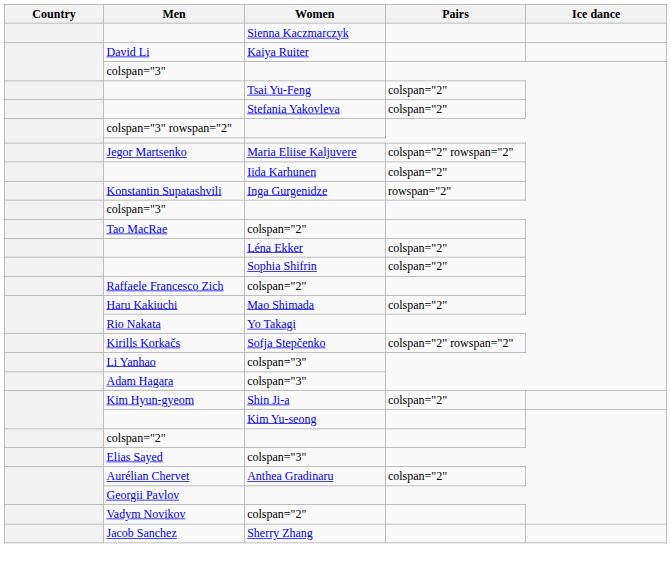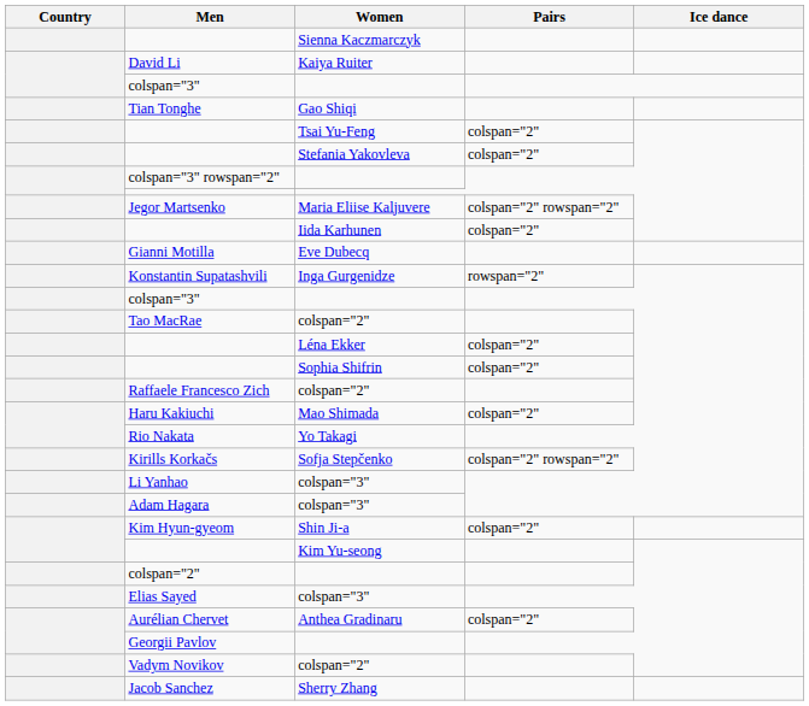 <table class="wikitable unsortable" style="text-align:left; width:100%">
 <tr>
 <th scope="col" style="width:15%">Country</th>
 <th scope="col" style="width:21.25%">Men</th>
 <th scope="col" style="width:21.25%">Women</th>
 <th scope="col" style="width:21.25%">Pairs</th>
 <th scope="col" style="width:21.25%">Ice dance</th>
 </tr>
 <tr>
 <th scope="row" style="text-align:left"></th>
 <td></td>
 <td><a href='#'>Sienna Kaczmarczyk</a></td>
 <td></td>
 <td></td>
 </tr>
 <tr>
 <th rowspan="2" scope="row" style="text-align:left"></th>
 <td><a href='#'>David Li</a></td>
 <td><a href='#'>Kaiya Ruiter</a></td>
 <td></td>
 <td></td>
 </tr>
 <tr>
 <td>colspan="3" </td>
+<td></td>
+</tr>
+<tr>
+<th scope="row" style="text-align:left"></th>
+<td><a href='#'>Tian Tonghe</a></td>
+<td><a href='#'>Gao Shiqi</a></td>
+<td></td>
 <td></td>
 </tr>
 <tr>
 <th scope="row" style="text-align:left"></th>
 <td></td>
 <td><a href='#'>Tsai Yu-Feng</a></td>
 <td>colspan="2" </td>
 </tr>
 <tr>
 <th scope="row" style="text-align:left"></th>
 <td></td>
 <td><a href='#'>Stefania Yakovleva</a></td>
 <td>colspan="2" </td>
 </tr>
 <tr>
 <th rowspan="2" scope="row" style="text-align:left"></th>
 <td>colspan="3" rowspan="2" </td>
 <td></td>
 </tr>
 <tr>
 <td></td>
 </tr>
 <tr>
 <th scope="row" style="text-align:left"></th>
 <td><a href='#'>Jegor Martsenko</a></td>
 <td><a href='#'>Maria Eliise Kaljuvere</a></td>
 <td>colspan="2" rowspan="2" </td>
 </tr>
 <tr>
 <th scope="row" style="text-align:left"></th>
 <td></td>
 <td><a href='#'>Iida Karhunen</a></td>
 <td>colspan="2" </td>
+</tr>
+<tr>
+<th scope="row" style="text-align:left"></th>
+<td><a href='#'>Gianni Motilla</a></td>
+<td><a href='#'>Eve Dubecq</a></td>
+<td></td>
+<td></td>
 </tr>
 <tr>
 <th scope="row" style="text-align:left"></th>
 <td><a href='#'>Konstantin Supatashvili</a></td>
 <td><a href='#'>Inga Gurgenidze</a></td>
 <td>rowspan="2" </td>
 </tr>
 <tr>
 <th scope="row" style="text-align:left"></th>
 <td>colspan="3" </td>
 <td></td>
 </tr>
 <tr>
 <th scope="row" style="text-align:left"></th>
 <td><a href='#'>Tao MacRae</a></td>
 <td>colspan="2" </td>
 <td></td>
 </tr>
 <tr>
 <th scope="row" style="text-align:left"></th>
 <td></td>
 <td><a href='#'>Léna Ekker</a></td>
 <td>colspan="2" </td>
 </tr>
 <tr>
 <th scope="row" style="text-align:left"></th>
 <td></td>
 <td><a href='#'>Sophia Shifrin</a></td>
 <td>colspan="2" </td>
 </tr>
 <tr>
 <th scope="row" style="text-align:left"></th>
 <td><a href='#'>Raffaele Francesco Zich</a></td>
 <td>colspan="2" </td>
 <td></td>
 </tr>
 <tr>
 <th rowspan="2" scope="row" style="text-align:left"></th>
 <td><a href='#'>Haru Kakiuchi</a></td>
 <td><a href='#'>Mao Shimada</a></td>
 <td>colspan="2" </td>
 </tr>
 <tr>
 <td><a href='#'>Rio Nakata</a></td>
 <td><a href='#'>Yo Takagi</a></td>
 </tr>
 <tr>
 <th scope="row" style="text-align:left"></th>
 <td><a href='#'>Kirills Korkačs</a></td>
 <td><a href='#'>Sofja Stepčenko</a></td>
 <td>colspan="2" rowspan="2" </td>
 </tr>
 <tr>
 <th scope="row" style="text-align:left"></th>
 <td><a href='#'>Li Yanhao</a></td>
 <td>colspan="3" </td>
 </tr>
 <tr>
 <th scope="row" style="text-align:left"></th>
 <td><a href='#'>Adam Hagara</a></td>
 <td>colspan="3" </td>
 </tr>
 <tr>
 <th rowspan="2" scope="row" style="text-align:left"></th>
 <td><a href='#'>Kim Hyun-gyeom</a></td>
 <td><a href='#'>Shin Ji-a</a></td>
 <td>colspan="2" </td>
 <td></td>
 </tr>
 <tr>
 <td></td>
 <td><a href='#'>Kim Yu-seong</a></td>
 <td></td>
 </tr>
 <tr>
 <th scope="row" style="text-align:left"></th>
 <td>colspan="2" </td>
 <td></td>
 <td></td>
 </tr>
 <tr>
 <th scope="row" style="text-align:left"></th>
 <td><a href='#'>Elias Sayed</a></td>
 <td>colspan="3" </td>
 </tr>
 <tr>
 <th rowspan="2" scope="row" style="text-align:left"></th>
 <td><a href='#'>Aurélian Chervet</a></td>
 <td><a href='#'>Anthea Gradinaru</a></td>
 <td>colspan="2" </td>
 </tr>
 <tr>
 <td><a href='#'>Georgii Pavlov</a></td>
 <td></td>
 </tr>
 <tr>
 <th scope="row" style="text-align:left"></th>
 <td><a href='#'>Vadym Novikov</a></td>
 <td>colspan="2" </td>
 <td></td>
 </tr>
 <tr>
 <th scope="row" style="text-align:left"></th>
 <td><a href='#'>Jacob Sanchez</a></td>
 <td><a href='#'>Sherry Zhang</a></td>
 <td></td>
 <td></td>
 </tr>
 </table>
